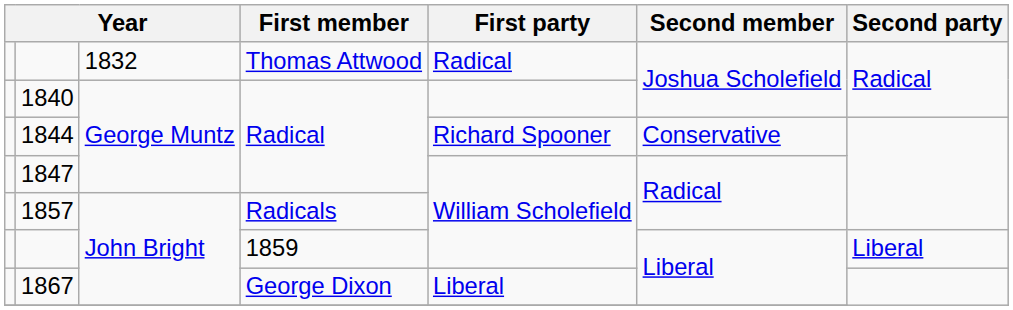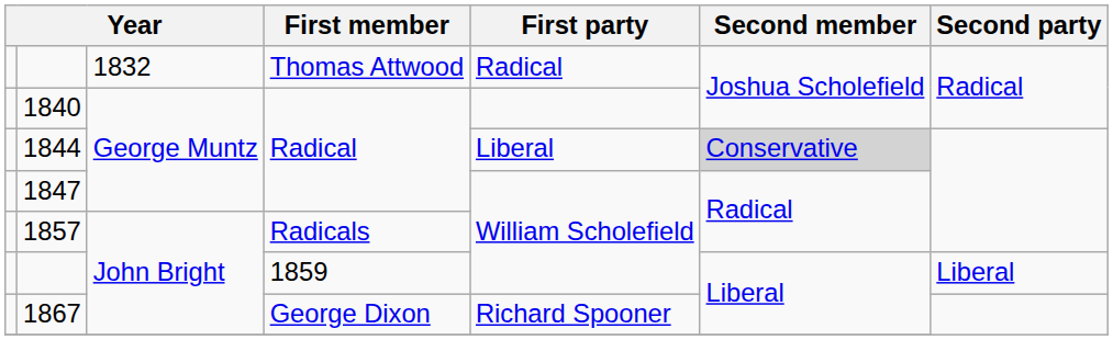 <table class="wikitable">
 <tr>
 <th colspan="3">Year</th>
 <th>First member</th>
 <th>First party</th>
 <th>Second member</th>
 <th>Second party</th>
 </tr>
 <tr>
 <td style="color:inherit;background-color: "></td>
 <td style="color:inherit;background-color: "></td>
 <td>1832</td>
 <td><a href='#'>Thomas Attwood</a></td>
 <td><a href='#'>Radical</a></td>
 <td rowspan="2"><a href='#'>Joshua Scholefield</a></td>
 <td rowspan="2"><a href='#'>Radical</a></td>
 </tr>
 <tr>
 <td style="color:inherit;background-color: "></td>
 <td>1840</td>
 <td rowspan="3"><a href='#'>George Muntz</a></td>
 <td rowspan="3"><a href='#'>Radical</a></td>
 </tr>
 <tr>
 <td style="color:inherit;background-color: "></td>
 <td>1844</td>
-<td><a href='#'>Richard Spooner</a></td>
-<td><a href='#'>Conservative</a></td>
+<td><a href='#'>Liberal</a></td>
+<td style="background: lightgrey;"><a href='#'>Conservative</a></td>
 </tr>
 <tr>
 <td style="color:inherit;background-color: "></td>
 <td>1847</td>
 <td rowspan="3"><a href='#'>William Scholefield</a></td>
 <td rowspan="2"><a href='#'>Radical</a></td>
 </tr>
 <tr>
 <td style="color:inherit;background-color: "></td>
 <td>1857</td>
 <td rowspan="3"><a href='#'>John Bright</a></td>
 <td rowspan="1"><a href='#'>Radicals</a></td>
 </tr>
 <tr>
 <td style="color:inherit;background-color: "></td>
 <td style="color:inherit;background-color: "></td>
 <td>1859</td>
 <td rowspan="2"><a href='#'>Liberal</a></td>
 <td><a href='#'>Liberal</a></td>
 </tr>
 <tr>
 <td style="color:inherit;background-color: "></td>
 <td>1867</td>
 <td><a href='#'>George Dixon</a></td>
-<td><a href='#'>Liberal</a></td>
+<td><a href='#'>Richard Spooner</a></td>
 </tr>
 <tr>
 </tr>
 </table>
